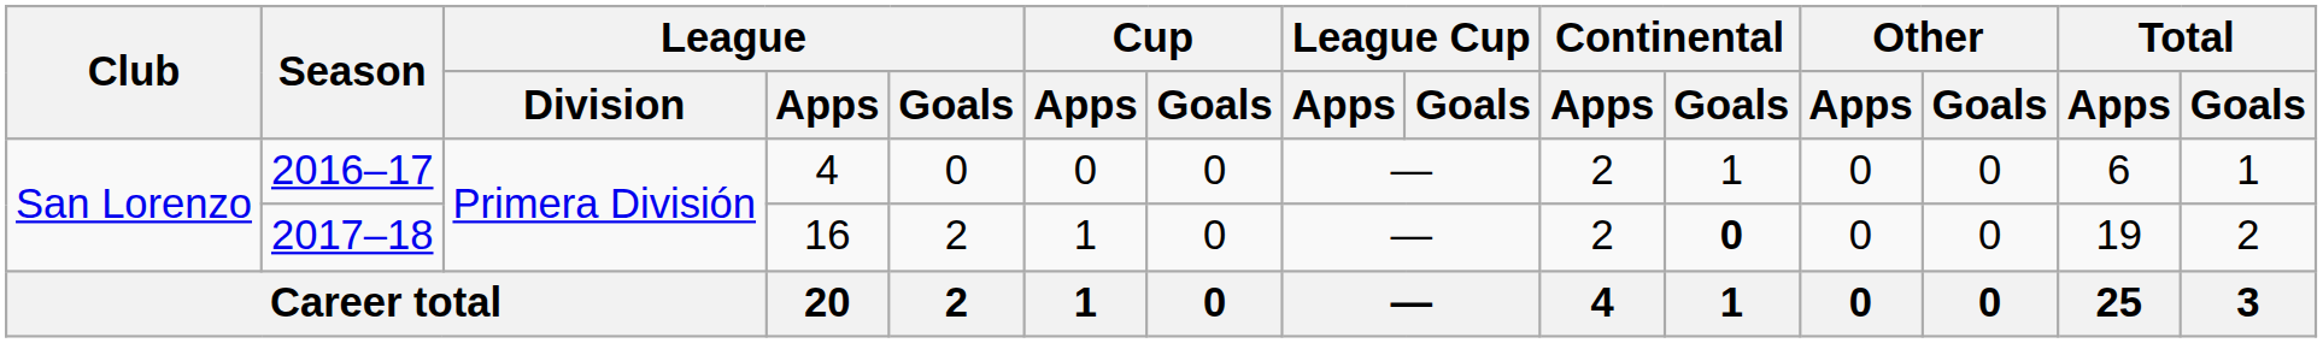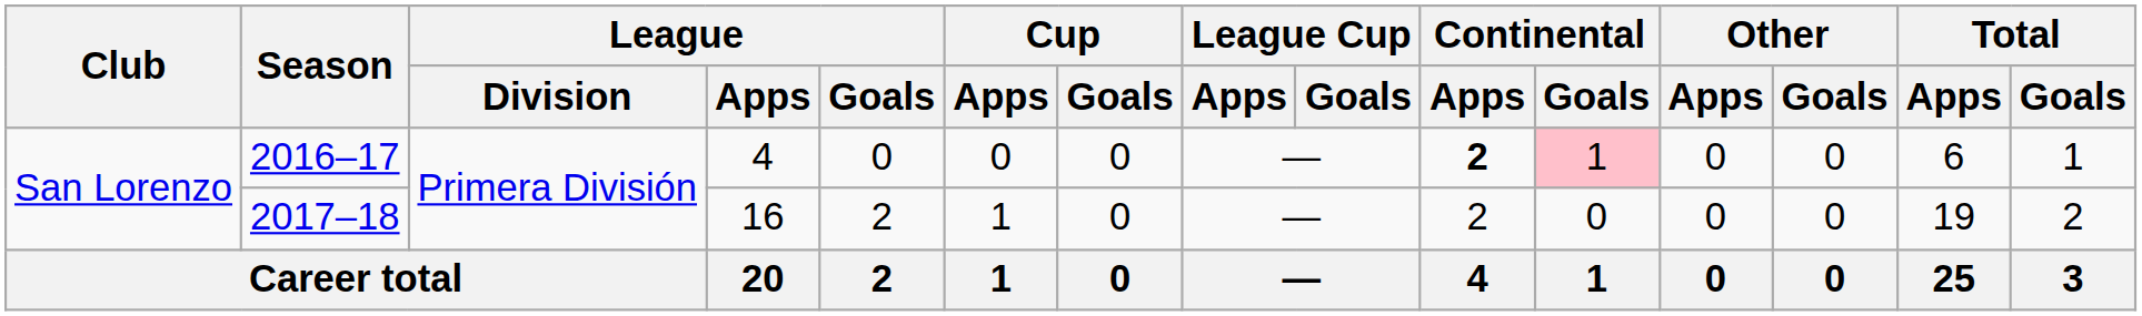 <table class="wikitable" style="text-align:center">
 <tr>
 <th rowspan="2">Club</th>
 <th rowspan="2">Season</th>
 <th colspan="3">League</th>
 <th colspan="2">Cup</th>
 <th colspan="2">League Cup</th>
 <th colspan="2">Continental</th>
 <th colspan="2">Other</th>
 <th colspan="2">Total</th>
 </tr>
 <tr>
 <th>Division</th>
 <th>Apps</th>
 <th>Goals</th>
 <th>Apps</th>
 <th>Goals</th>
 <th>Apps</th>
 <th>Goals</th>
 <th>Apps</th>
 <th>Goals</th>
 <th>Apps</th>
 <th>Goals</th>
 <th>Apps</th>
 <th>Goals</th>
 </tr>
 <tr>
 <td rowspan="2"><a href='#'>San Lorenzo</a></td>
 <td><a href='#'>2016–17</a></td>
 <td rowspan="2"><a href='#'>Primera División</a></td>
 <td>4</td>
 <td>0</td>
 <td>0</td>
 <td>0</td>
 <td colspan="2">—</td>
-<td>2</td>
-<td>1</td>
+<td><strong>2</strong></td>
+<td style="background: pink;">1</td>
 <td>0</td>
 <td>0</td>
 <td>6</td>
 <td>1</td>
 </tr>
 <tr>
 <td><a href='#'>2017–18</a></td>
 <td>16</td>
 <td>2</td>
 <td>1</td>
 <td>0</td>
 <td colspan="2">—</td>
 <td>2</td>
-<td><strong>0</strong></td>
+<td>0</td>
 <td>0</td>
 <td>0</td>
 <td>19</td>
 <td>2</td>
 </tr>
 <tr>
 <th colspan="3">Career total</th>
 <th>20</th>
 <th>2</th>
 <th>1</th>
 <th>0</th>
 <th colspan="2">—</th>
 <th>4</th>
 <th>1</th>
 <th>0</th>
 <th>0</th>
 <th>25</th>
 <th>3</th>
 </tr>
 </table>
